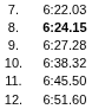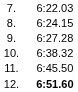 <table style="text-align:center">
 <tr>
 <td width=30>7.</td>
 <td align=left></td>
 <td width=80>6:22.03</td>
 </tr>
 <tr>
 <td>8.</td>
 <td align=left></td>
-<td><strong>6:24.15</strong></td>
+<td>6:24.15</td>
 </tr>
 <tr>
 <td>9.</td>
 <td align=left></td>
 <td>6:27.28</td>
 </tr>
 <tr>
 <td>10.</td>
 <td align=left></td>
 <td>6:38.32</td>
 </tr>
 <tr>
 <td>11.</td>
 <td align=left></td>
 <td>6:45.50</td>
 </tr>
 <tr>
 <td>12.</td>
 <td align=left></td>
-<td>6:51.60</td>
+<td><strong>6:51.60</strong></td>
 </tr>
 </table>
